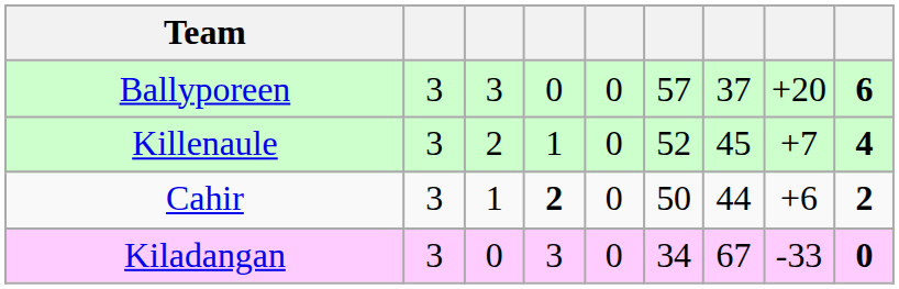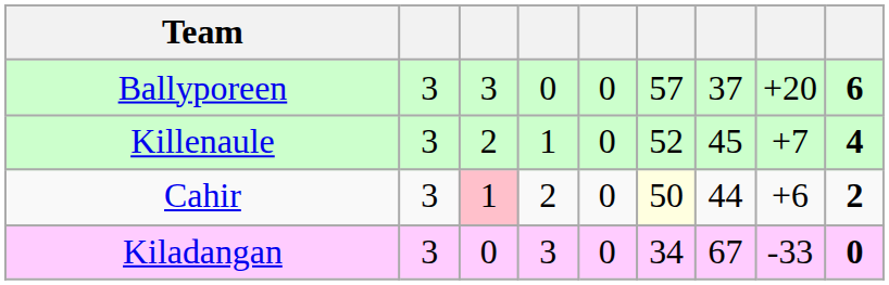 <table class="wikitable" style="text-align:center">
 <tr>
 <th style="width:175px;">Team</th>
 <th width="20"></th>
 <th width="20"></th>
 <th width="20"></th>
 <th width="20"></th>
 <th width="20"></th>
 <th width="20"></th>
 <th width="20"></th>
 <th width="20"></th>
 </tr>
 <tr style="background:#cfc;">
 <td><a href='#'>Ballyporeen</a></td>
 <td>3</td>
 <td>3</td>
 <td>0</td>
 <td>0</td>
 <td>57</td>
 <td>37</td>
 <td>+20</td>
 <td><strong>6</strong></td>
 </tr>
 <tr style="background:#cfc;">
 <td><a href='#'>Killenaule</a></td>
 <td>3</td>
 <td>2</td>
 <td>1</td>
 <td>0</td>
 <td>52</td>
 <td>45</td>
 <td>+7</td>
 <td><strong>4</strong></td>
 </tr>
 <tr>
 <td><a href='#'>Cahir</a></td>
 <td>3</td>
-<td>1</td>
-<td><strong>2</strong></td>
+<td style="background: pink;">1</td>
+<td>2</td>
 <td>0</td>
-<td>50</td>
+<td style="background: lightyellow;">50</td>
 <td>44</td>
 <td>+6</td>
 <td><strong>2</strong></td>
 </tr>
 <tr style="background:#fcf;">
 <td><a href='#'>Kiladangan</a></td>
 <td>3</td>
 <td>0</td>
 <td>3</td>
 <td>0</td>
 <td>34</td>
 <td>67</td>
 <td>-33</td>
 <td><strong>0</strong></td>
 </tr>
 </table>
